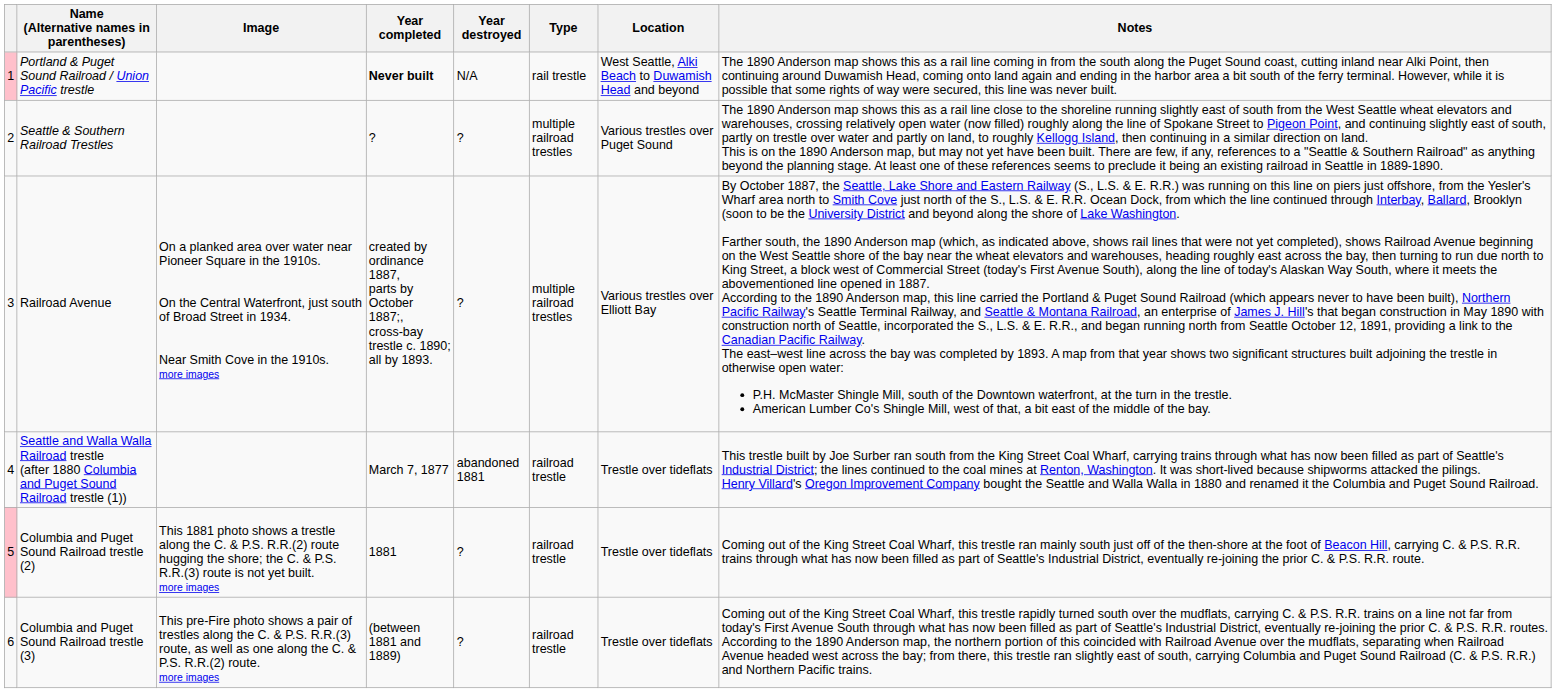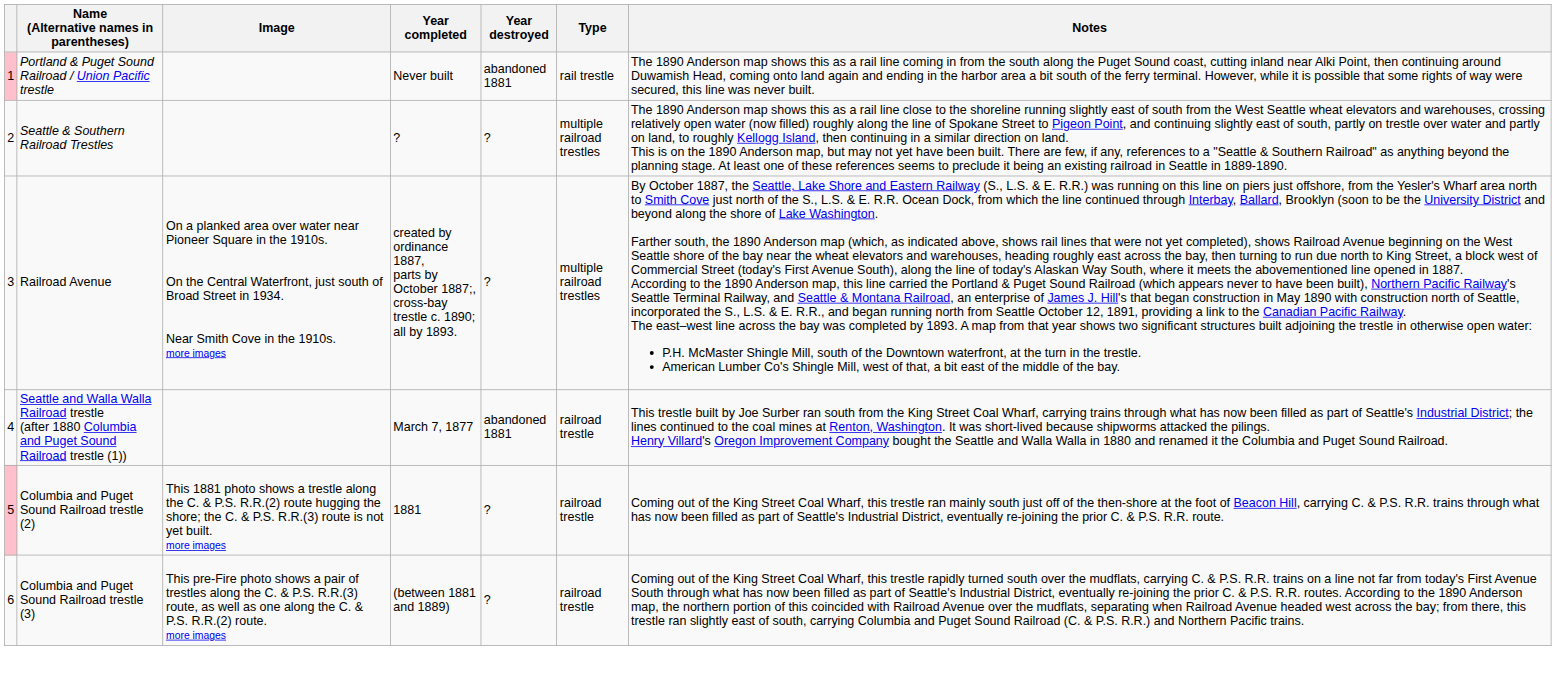 <table class="wikitable sortable" style="width:100%;">
 <tr>
 <th scope="col"></th>
 <th scope="col">Name<br>(Alternative names in parentheses)</th>
 <th scope="col" class="unsortable">Image</th>
 <th scope="col">Year completed</th>
 <th scope="col">Year destroyed</th>
 <th scope="col">Type</th>
-<th scope="col">Location</th>
 <th scope="col" class="unsortable">Notes</th>
 </tr>
 <tr>
 <td style="background: pink;">1</td>
 <td><em>Portland & Puget Sound Railroad / <a href='#'>Union Pacific</a> trestle</em></td>
 <td></td>
-<td><strong>Never built</strong></td>
-<td>N/A</td>
+<td>Never built</td>
+<td>abandoned 1881</td>
 <td>rail trestle</td>
-<td>West Seattle, <a href='#'>Alki Beach</a> to <a href='#'>Duwamish Head</a> and beyond</td>
 <td>The 1890 Anderson map shows this as a rail line coming in from the south along the Puget Sound coast, cutting inland near Alki Point, then continuing around Duwamish Head, coming onto land again and ending in the harbor area a bit south of the ferry terminal. However, while it is possible that some rights of way were secured, this line was never built.</td>
 </tr>
 <tr>
 <td>2</td>
 <td><em>Seattle & Southern Railroad Trestles</em></td>
 <td></td>
 <td>?</td>
 <td>?</td>
 <td>multiple railroad trestles</td>
-<td>Various trestles over Puget Sound</td>
 <td>The 1890 Anderson map shows this as a rail line close to the shoreline running slightly east of south from the West Seattle wheat elevators and warehouses, crossing relatively open water (now filled) roughly along the line of Spokane Street to <a href='#'>Pigeon Point</a>, and continuing slightly east of south, partly on trestle over water and partly on land, to roughly <a href='#'>Kellogg Island</a>, then continuing in a similar direction on land.<br>This is on the 1890 Anderson map, but may not yet have been built. There are few, if any, references to a "Seattle & Southern Railroad" as anything beyond the planning stage. At least one of these references seems to preclude it being an existing railroad in Seattle in 1889-1890.</td>
 </tr>
 <tr>
 <td>3</td>
 <td>Railroad Avenue</td>
 <td><br>On a planked area over water near Pioneer Square in the 1910s.<br><br><br>On the Central Waterfront, just south of Broad Street in 1934.<br><br><br>Near Smith Cove in the 1910s.<small><br><a href='#'>more images</a></small></td>
 <td>created by ordinance 1887,<br>parts by October 1887;,<br>cross-bay trestle c. 1890;<br>all by 1893.</td>
 <td>?</td>
 <td>multiple railroad trestles</td>
-<td>Various trestles over Elliott Bay</td>
 <td>By October 1887, the <a href='#'>Seattle, Lake Shore and Eastern Railway</a> (S., L.S. & E. R.R.) was running on this line on piers just offshore, from the Yesler's Wharf area north to <a href='#'>Smith Cove</a> just north of the S., L.S. & E. R.R. Ocean Dock, from which the line continued through <a href='#'>Interbay</a>, <a href='#'>Ballard</a>, Brooklyn (soon to be the <a href='#'>University District</a> and beyond along the shore of <a href='#'>Lake Washington</a>.<br><br> Farther south, the 1890 Anderson map (which, as indicated above, shows rail lines that were not yet completed), shows Railroad Avenue beginning on the West Seattle shore of the bay near the wheat elevators and warehouses, heading roughly east across the bay, then turning to run due north to King Street, a block west of Commercial Street (today's First Avenue South), along the line of today's Alaskan Way South, where it meets the abovementioned line opened in 1887.<br>According to the 1890 Anderson map, this line carried the Portland & Puget Sound Railroad (which appears never to have been built), <a href='#'>Northern Pacific Railway</a>'s Seattle Terminal Railway, and <a href='#'>Seattle & Montana Railroad</a>, an enterprise of <a href='#'>James J. Hill</a>'s that began construction in May 1890 with construction north of Seattle, incorporated the S., L.S. & E. R.R., and began running north from Seattle October 12, 1891, providing a link to the <a href='#'>Canadian Pacific Railway</a>.<br>The east–west line across the bay was completed by 1893. A map from that year shows two significant structures built adjoining the trestle in otherwise open water:<ul><li>P.H. McMaster Shingle Mill, south of the Downtown waterfront, at the turn in the trestle.</li><li>American Lumber Co's Shingle Mill, west of that, a bit east of the middle of the bay.</li></ul></td>
 </tr>
 <tr>
 <td>4</td>
 <td><a href='#'>Seattle and Walla Walla Railroad</a> trestle<br>(after 1880 <a href='#'>Columbia and Puget Sound Railroad</a> trestle (1))</td>
 <td></td>
 <td>March 7, 1877</td>
 <td>abandoned 1881</td>
 <td>railroad trestle</td>
-<td>Trestle over tideflats</td>
 <td>This trestle built by Joe Surber ran south from the King Street Coal Wharf, carrying trains through what has now been filled as part of Seattle's <a href='#'>Industrial District</a>; the lines continued to the coal mines at <a href='#'>Renton, Washington</a>. It was short-lived because shipworms attacked the pilings.<br><a href='#'>Henry Villard</a>'s <a href='#'>Oregon Improvement Company</a> bought the Seattle and Walla Walla in 1880 and renamed it the Columbia and Puget Sound Railroad.</td>
 </tr>
 <tr>
 <td style="background: pink;">5</td>
 <td>Columbia and Puget Sound Railroad trestle (2)</td>
 <td><br>This 1881 photo shows a trestle along the C. & P.S. R.R.(2) route hugging the shore; the C. & P.S. R.R.(3) route is not yet built.<small><br><a href='#'>more images</a></small></td>
 <td>1881</td>
 <td>?</td>
 <td>railroad trestle</td>
-<td>Trestle over tideflats</td>
 <td>Coming out of the King Street Coal Wharf, this trestle ran mainly south just off of the then-shore at the foot of <a href='#'>Beacon Hill</a>, carrying C. & P.S. R.R. trains through what has now been filled as part of Seattle's Industrial District, eventually re-joining the prior C. & P.S. R.R. route.</td>
 </tr>
 <tr>
 <td>6</td>
 <td>Columbia and Puget Sound Railroad trestle (3)</td>
 <td><br>This pre-Fire photo shows a pair of trestles along the C. & P.S. R.R.(3) route, as well as one along the C. & P.S. R.R.(2) route.<small><br><a href='#'>more images</a></small></td>
 <td>(between 1881 and 1889)</td>
 <td>?</td>
 <td>railroad trestle</td>
-<td>Trestle over tideflats</td>
 <td>Coming out of the King Street Coal Wharf, this trestle rapidly turned south over the mudflats, carrying C. & P.S. R.R. trains on a line not far from today's First Avenue South through what has now been filled as part of Seattle's Industrial District, eventually re-joining the prior C. & P.S. R.R. routes. According to the 1890 Anderson map, the northern portion of this coincided with Railroad Avenue over the mudflats, separating when Railroad Avenue headed west across the bay; from there, this trestle ran slightly east of south, carrying Columbia and Puget Sound Railroad (C. & P.S. R.R.) and Northern Pacific trains.</td>
 </tr>
 </table>
